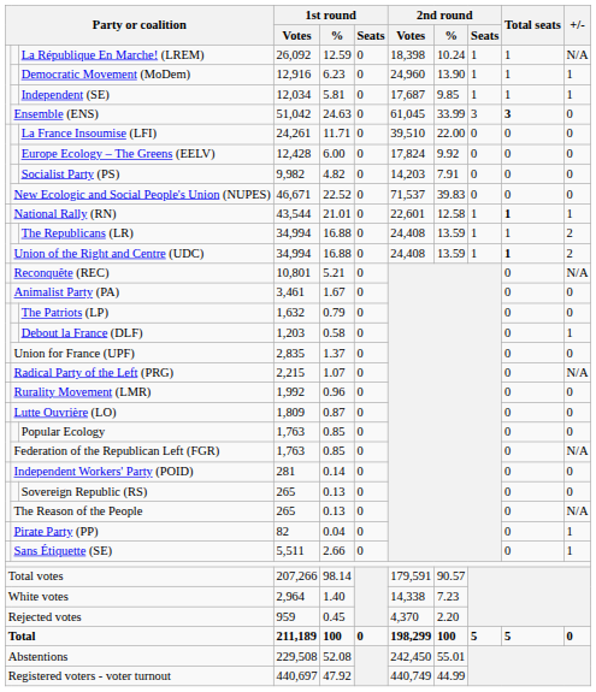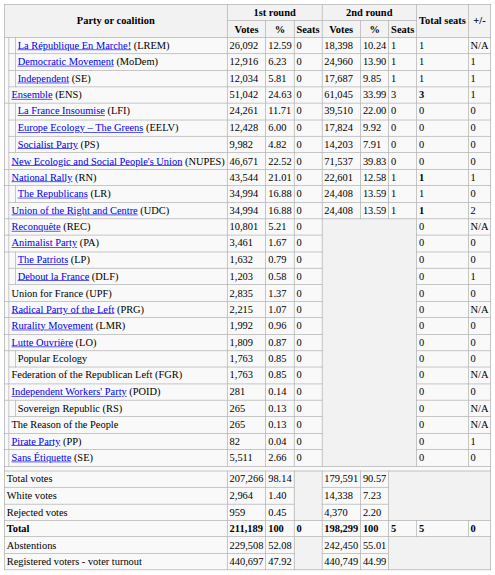 <table class="wikitable">
 <tr>
 <th colspan="3" rowspan="2">Party or coalition</th>
 <th colspan="3">1st round</th>
 <th colspan="3">2nd round</th>
 <th rowspan="2">Total seats</th>
 <th rowspan="2">+/-</th>
 </tr>
 <tr>
 <th>Votes</th>
 <th>%</th>
 <th>Seats</th>
 <th>Votes</th>
 <th>%</th>
 <th>Seats</th>
 </tr>
 <tr>
 <td rowspan="4" style="background:"></td>
 <td style="background:"></td>
 <td><a href='#'>La République En Marche!</a> (LREM)</td>
 <td>26,092</td>
 <td>12.59</td>
 <td>0</td>
 <td>18,398</td>
 <td>10.24</td>
 <td>1</td>
 <td>1</td>
 <td>N/A</td>
 </tr>
 <tr>
 <td style="background:"></td>
 <td><a href='#'>Democratic Movement</a> (MoDem)</td>
 <td>12,916</td>
 <td>6.23</td>
 <td>0</td>
 <td>24,960</td>
 <td>13.90</td>
 <td>1</td>
 <td>1</td>
 <td>1</td>
 </tr>
 <tr>
 <td style="background:"></td>
 <td><a href='#'>Independent</a> (SE)</td>
 <td>12,034</td>
 <td>5.81</td>
 <td>0</td>
 <td>17,687</td>
 <td>9.85</td>
 <td>1</td>
 <td>1</td>
 <td>1</td>
 </tr>
 <tr>
 <td colspan="2"><a href='#'>Ensemble</a> (ENS)</td>
 <td>51,042</td>
 <td>24.63</td>
 <td>0</td>
 <td>61,045</td>
 <td>33.99</td>
 <td>3</td>
 <td><strong>3</strong></td>
-<td>0</td>
+<td>1</td>
 </tr>
 <tr>
 <td rowspan="4" style="background: "></td>
 <td style="background:"></td>
 <td><a href='#'>La France Insoumise</a> (LFI)</td>
 <td>24,261</td>
 <td>11.71</td>
 <td>0</td>
 <td>39,510</td>
 <td>22.00</td>
 <td>0</td>
 <td>0</td>
 <td>0</td>
 </tr>
 <tr>
 <td style="background:"></td>
 <td><a href='#'>Europe Ecology – The Greens</a> (EELV)</td>
 <td>12,428</td>
 <td>6.00</td>
 <td>0</td>
 <td>17,824</td>
 <td>9.92</td>
 <td>0</td>
 <td>0</td>
 <td>0</td>
 </tr>
 <tr>
 <td style="background:"></td>
 <td><a href='#'>Socialist Party</a> (PS)</td>
 <td>9,982</td>
 <td>4.82</td>
 <td>0</td>
 <td>14,203</td>
 <td>7.91</td>
 <td>0</td>
 <td>0</td>
 <td>0</td>
 </tr>
 <tr>
 <td colspan="2"><a href='#'>New Ecologic and Social People's Union</a> (NUPES)</td>
 <td>46,671</td>
 <td>22.52</td>
 <td>0</td>
 <td>71,537</td>
 <td>39.83</td>
 <td>0</td>
 <td>0</td>
 <td>0</td>
 </tr>
 <tr>
 <td style="background:"></td>
 <td colspan="2"><a href='#'>National Rally</a> (RN)</td>
 <td>43,544</td>
 <td>21.01</td>
 <td>0</td>
 <td>22,601</td>
 <td>12.58</td>
 <td>1</td>
 <td><strong>1</strong></td>
 <td>1</td>
 </tr>
 <tr>
 <td rowspan="2" style="background:"></td>
 <td style="background:"></td>
 <td><a href='#'>The Republicans</a> (LR)</td>
 <td>34,994</td>
 <td>16.88</td>
 <td>0</td>
 <td>24,408</td>
 <td>13.59</td>
 <td>1</td>
 <td>1</td>
-<td>2</td>
+<td>0</td>
 </tr>
 <tr>
 <td colspan="2"><a href='#'>Union of the Right and Centre</a> (UDC)</td>
 <td>34,994</td>
 <td>16.88</td>
 <td>0</td>
 <td>24,408</td>
 <td>13.59</td>
 <td>1</td>
 <td><strong>1</strong></td>
 <td>2</td>
 </tr>
 <tr>
 <td style="background:"></td>
 <td colspan="2"><a href='#'>Reconquête</a> (REC)</td>
 <td>10,801</td>
 <td>5.21</td>
 <td>0</td>
 <th colspan="3" rowspan="15"></th>
 <td>0</td>
 <td>N/A</td>
 </tr>
 <tr>
 <td style="background:"></td>
 <td colspan="2"><a href='#'>Animalist Party</a> (PA)</td>
 <td>3,461</td>
 <td>1.67</td>
 <td>0</td>
 <td>0</td>
 <td>0</td>
 </tr>
 <tr>
 <td rowspan="3" style="background:"></td>
 <td style="background:"></td>
 <td><a href='#'>The Patriots</a> (LP)</td>
 <td>1,632</td>
 <td>0.79</td>
 <td>0</td>
 <td>0</td>
 <td>0</td>
 </tr>
 <tr>
 <td style="background:"></td>
 <td><a href='#'>Debout la France</a> (DLF)</td>
 <td>1,203</td>
 <td>0.58</td>
 <td>0</td>
 <td>0</td>
 <td>1</td>
 </tr>
 <tr>
 <td colspan="2">Union for France (UPF)</td>
 <td>2,835</td>
 <td>1.37</td>
 <td>0</td>
 <td>0</td>
 <td>0</td>
 </tr>
 <tr>
 <td style="background:"></td>
 <td colspan="2"><a href='#'>Radical Party of the Left</a> (PRG)</td>
 <td>2,215</td>
 <td>1.07</td>
 <td>0</td>
 <td>0</td>
 <td>N/A</td>
 </tr>
 <tr>
 <td style="background:"></td>
 <td colspan="2"><a href='#'>Rurality Movement</a> (LMR)</td>
 <td>1,992</td>
 <td>0.96</td>
 <td>0</td>
 <td>0</td>
 <td>0</td>
 </tr>
 <tr>
 <td style="background:"></td>
 <td colspan="2"><a href='#'>Lutte Ouvrière</a> (LO)</td>
 <td>1,809</td>
 <td>0.87</td>
 <td>0</td>
 <td>0</td>
 <td>0</td>
 </tr>
 <tr>
 <td rowspan="2" style="background:"></td>
 <td style="background:"></td>
 <td>Popular Ecology</td>
 <td>1,763</td>
 <td>0.85</td>
 <td>0</td>
 <td>0</td>
 <td>0</td>
 </tr>
 <tr>
 <td colspan="2">Federation of the Republican Left (FGR)</td>
 <td>1,763</td>
 <td>0.85</td>
 <td>0</td>
 <td>0</td>
 <td>N/A</td>
 </tr>
 <tr>
 <td style="background:"></td>
 <td colspan="2"><a href='#'>Independent Workers' Party</a> (POID)</td>
 <td>281</td>
 <td>0.14</td>
 <td>0</td>
 <td>0</td>
 <td>0</td>
 </tr>
 <tr>
 <td rowspan="2" style="background:"></td>
 <td style="background:"></td>
 <td>Sovereign Republic (RS)</td>
 <td>265</td>
 <td>0.13</td>
 <td>0</td>
 <td>0</td>
-<td>0</td>
+<td>N/A</td>
 </tr>
 <tr>
 <td colspan="2">The Reason of the People</td>
 <td>265</td>
 <td>0.13</td>
 <td>0</td>
 <td>0</td>
 <td>N/A</td>
 </tr>
 <tr>
 <td style="background:"></td>
 <td colspan="2"><a href='#'>Pirate Party</a> (PP)</td>
 <td>82</td>
 <td>0.04</td>
 <td>0</td>
 <td>0</td>
 <td>1</td>
 </tr>
 <tr>
 <td style="background:"></td>
 <td colspan="2"><a href='#'>Sans Étiquette</a> (SE)</td>
 <td>5,511</td>
 <td>2.66</td>
 <td>0</td>
 <td>0</td>
-<td>1</td>
+<td>0</td>
 </tr>
 <tr>
 <td colspan="11"></td>
 </tr>
 <tr>
 <td colspan="3">Total votes</td>
 <td>207,266</td>
 <td>98.14</td>
 <th rowspan="3"></th>
 <td>179,591</td>
 <td>90.57</td>
 <th colspan="3" rowspan="3"></th>
 </tr>
 <tr>
 <td colspan="3">White votes</td>
 <td>2,964</td>
 <td>1.40</td>
 <td>14,338</td>
 <td>7.23</td>
 </tr>
 <tr>
 <td colspan="3">Rejected votes</td>
 <td>959</td>
 <td>0.45</td>
 <td>4,370</td>
 <td>2.20</td>
 </tr>
 <tr>
 <td colspan="3"><strong>Total</strong></td>
 <td><strong>211,189</strong></td>
 <td><strong>100</strong></td>
 <td><strong>0</strong></td>
 <td><strong>198,299</strong></td>
 <td><strong>100</strong></td>
 <td><strong>5</strong></td>
 <td><strong>5</strong></td>
 <td><strong>0</strong></td>
 </tr>
 <tr>
 <td colspan="3">Abstentions</td>
 <td>229,508</td>
 <td>52.08</td>
 <th rowspan="2"></th>
 <td>242,450</td>
 <td>55.01</td>
 <th colspan="3" rowspan="2"></th>
 </tr>
 <tr>
 <td colspan="3">Registered voters - voter turnout</td>
 <td>440,697</td>
 <td>47.92</td>
 <td>440,749</td>
 <td>44.99</td>
 </tr>
 </table>
